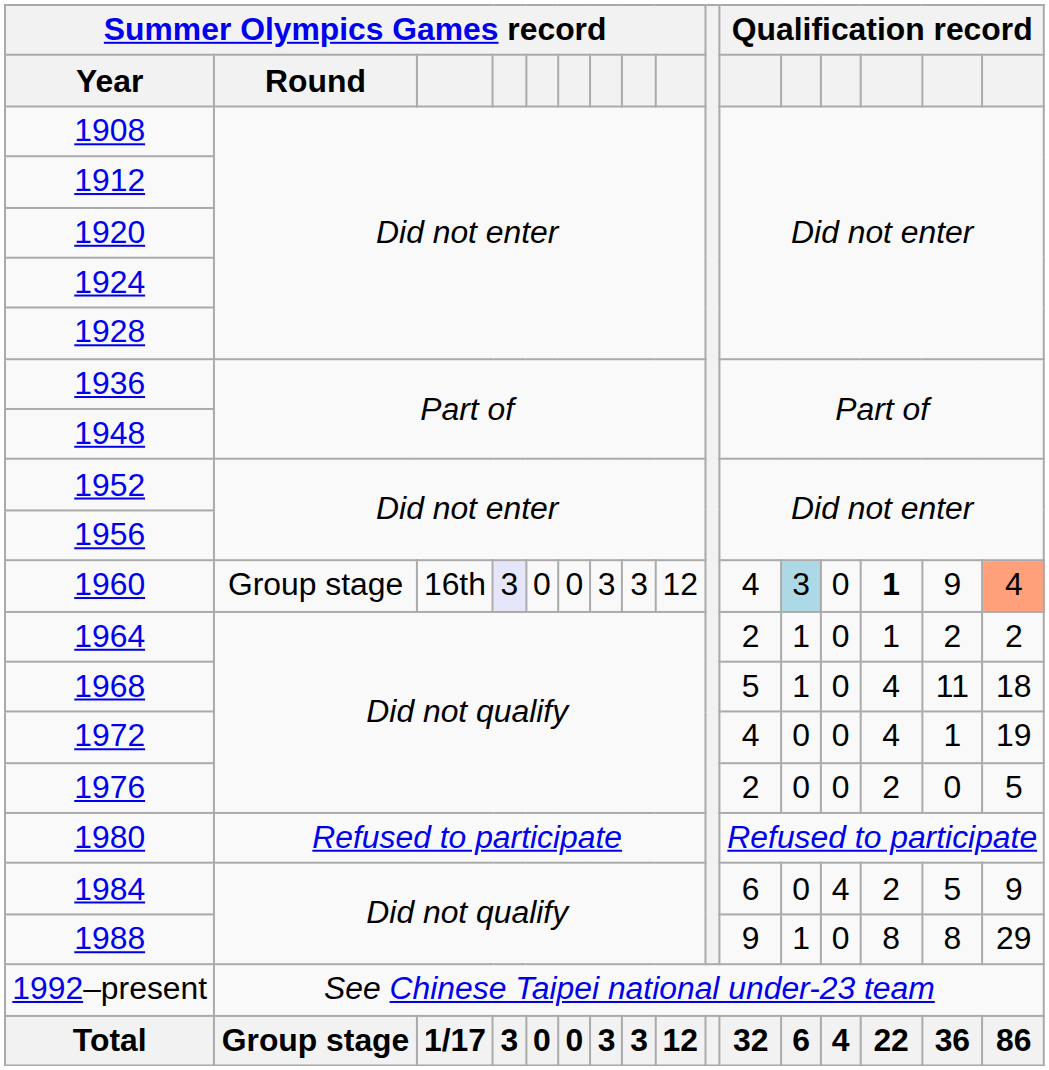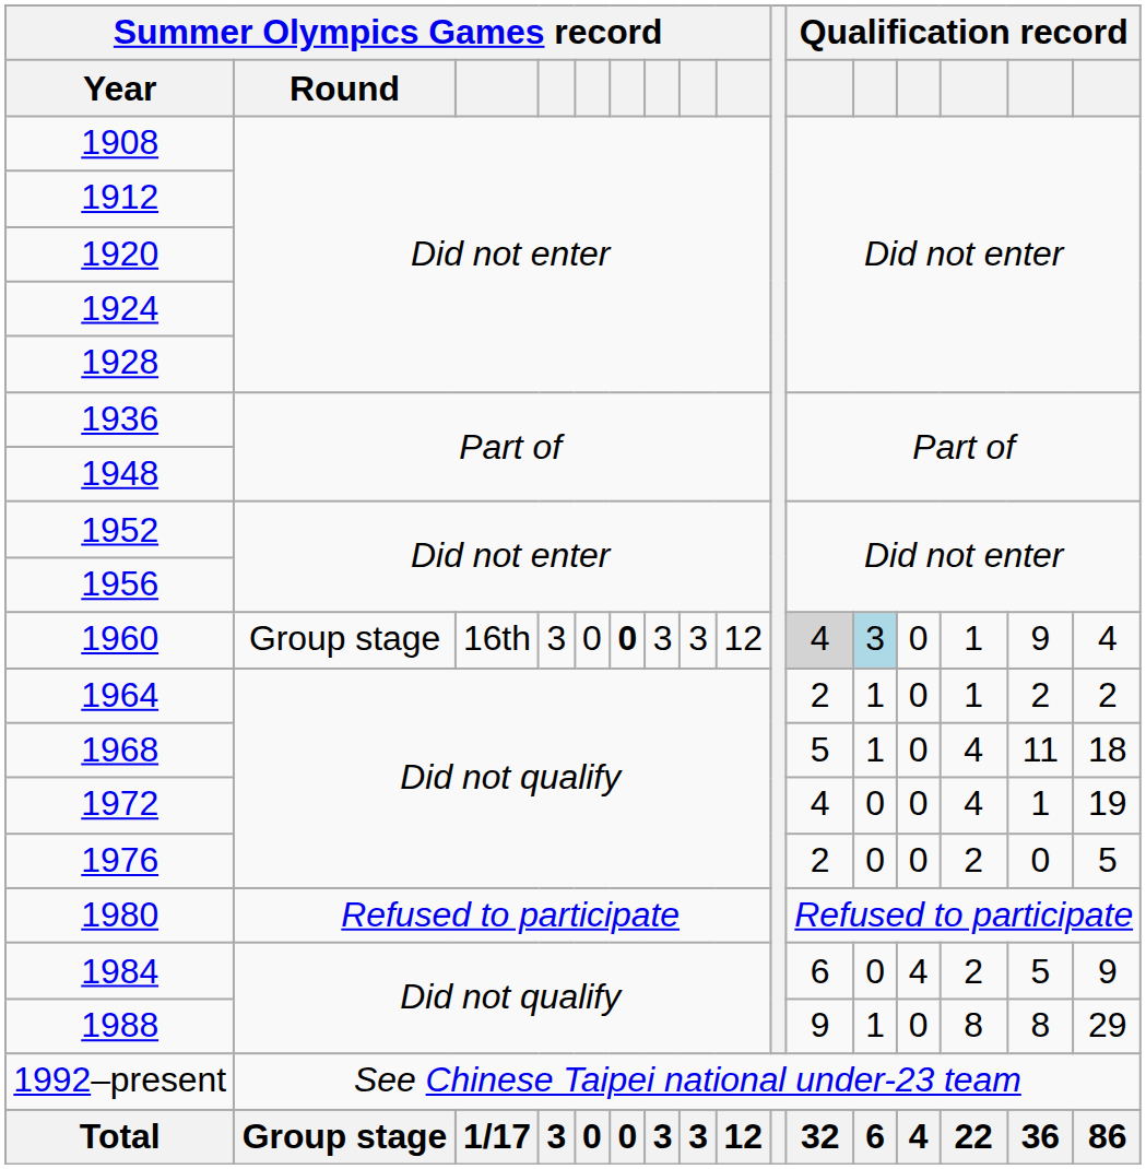 <table class="wikitable" style="text-align: center;">
 <tr>
 <th colspan=9><a href='#'>Summer Olympics Games</a> record</th>
 <th rowspan="19"></th>
 <th colspan=6>Qualification record</th>
 </tr>
 <tr>
 <th scope="col">Year</th>
 <th scope="col">Round</th>
 <th scope="col"></th>
 <th scope="col"></th>
 <th scope="col"></th>
 <th scope="col"></th>
 <th scope="col"></th>
 <th scope="col"></th>
 <th scope="col"></th>
 <th scope="col"></th>
 <th scope="col"></th>
 <th scope="col"></th>
 <th scope="col"></th>
 <th scope="col"></th>
 <th scope="col"></th>
 </tr>
 <tr>
 <td> <a href='#'>1908</a></td>
 <td colspan=9 rowspan=5><em>Did not enter</em></td>
 <td colspan=6 rowspan=5><em>Did not enter</em></td>
 </tr>
 <tr>
 <td> <a href='#'>1912</a></td>
 </tr>
 <tr>
 <td> <a href='#'>1920</a></td>
 </tr>
 <tr>
 <td> <a href='#'>1924</a></td>
 </tr>
 <tr>
 <td> <a href='#'>1928</a></td>
 </tr>
 <tr>
 <td> <a href='#'>1936</a></td>
 <td colspan=9 rowspan=2><em>Part of </em></td>
 <td colspan=6 rowspan=2><em>Part of </em></td>
 </tr>
 <tr>
 <td> <a href='#'>1948</a></td>
 </tr>
 <tr>
 <td> <a href='#'>1952</a></td>
 <td colspan=9 rowspan=2><em>Did not enter</em></td>
 <td colspan=6 rowspan=2><em>Did not enter</em></td>
 </tr>
 <tr>
 <td> <a href='#'>1956</a></td>
 </tr>
 <tr>
 <td> <a href='#'>1960</a></td>
 <td>Group stage</td>
 <td>16th</td>
-<td style="background: lavender;">3</td>
+<td>3</td>
 <td>0</td>
-<td>0</td>
+<td><strong>0</strong></td>
 <td>3</td>
 <td>3</td>
 <td>12</td>
-<td>4</td>
+<td style="background: lightgrey;">4</td>
 <td style="background: lightblue;">3</td>
 <td>0</td>
-<td><strong>1</strong></td>
+<td>1</td>
 <td>9</td>
-<td style="background: lightsalmon;">4</td>
+<td>4</td>
 </tr>
 <tr>
 <td> <a href='#'>1964</a></td>
 <td colspan=9 rowspan=4><em>Did not qualify</em></td>
 <td>2</td>
 <td>1</td>
 <td>0</td>
 <td>1</td>
 <td>2</td>
 <td>2</td>
 </tr>
 <tr>
 <td> <a href='#'>1968</a></td>
 <td>5</td>
 <td>1</td>
 <td>0</td>
 <td>4</td>
 <td>11</td>
 <td>18</td>
 </tr>
 <tr>
 <td> <a href='#'>1972</a></td>
 <td>4</td>
 <td>0</td>
 <td>0</td>
 <td>4</td>
 <td>1</td>
 <td>19</td>
 </tr>
 <tr>
 <td> <a href='#'>1976</a></td>
 <td>2</td>
 <td>0</td>
 <td>0</td>
 <td>2</td>
 <td>0</td>
 <td>5</td>
 </tr>
 <tr>
 <td> <a href='#'>1980</a></td>
 <td colspan=9><em><a href='#'>Refused to participate</a></em></td>
 <td colspan=6><em><a href='#'>Refused to participate</a></em></td>
 </tr>
 <tr>
 <td> <a href='#'>1984</a></td>
 <td colspan=9 rowspan=2><em>Did not qualify</em></td>
 <td>6</td>
 <td>0</td>
 <td>4</td>
 <td>2</td>
 <td>5</td>
 <td>9</td>
 </tr>
 <tr>
 <td> <a href='#'>1988</a></td>
 <td>9</td>
 <td>1</td>
 <td>0</td>
 <td>8</td>
 <td>8</td>
 <td>29</td>
 </tr>
 <tr>
 <td><a href='#'>1992</a>–present</td>
 <td colspan=15><em>See <a href='#'>Chinese Taipei national under-23 team</a></em></td>
 </tr>
 <tr>
 <th>Total</th>
 <th>Group stage</th>
 <th>1/17</th>
 <th>3</th>
 <th>0</th>
 <th>0</th>
 <th>3</th>
 <th>3</th>
 <th>12</th>
 <th></th>
 <th>32</th>
 <th>6</th>
 <th>4</th>
 <th>22</th>
 <th>36</th>
 <th>86</th>
 </tr>
 <tr>
 </tr>
 </table>
